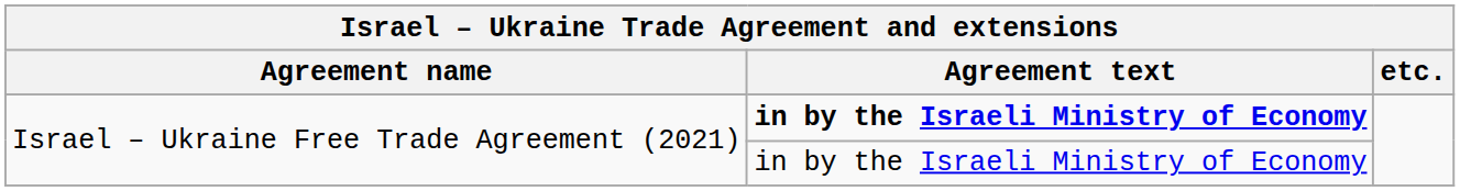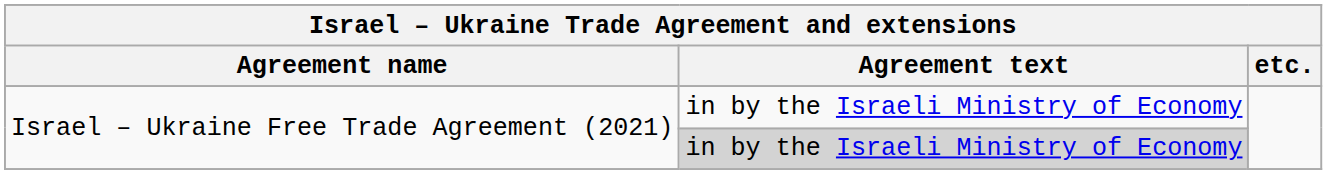 <table class="wikitable mw-collapsible mw-collapsed">
 <tr>
 <th colspan="3">Israel – Ukraine Trade Agreement and extensions</th>
 </tr>
 <tr>
 <th>Agreement name</th>
 <th>Agreement text</th>
 <th>etc.</th>
 </tr>
 <tr>
 <td rowspan="2">Israel – Ukraine Free Trade Agreement (2021)</td>
-<td><strong>in  by the <a href='#'>Israeli Ministry of Economy</a></strong></td>
+<td>in  by the <a href='#'>Israeli Ministry of Economy</a></td>
 <td rowspan="2"></td>
 </tr>
 <tr>
-<td>in  by the <a href='#'>Israeli Ministry of Economy</a></td>
+<td style="background: lightgrey;">in  by the <a href='#'>Israeli Ministry of Economy</a></td>
 </tr>
 </table>
